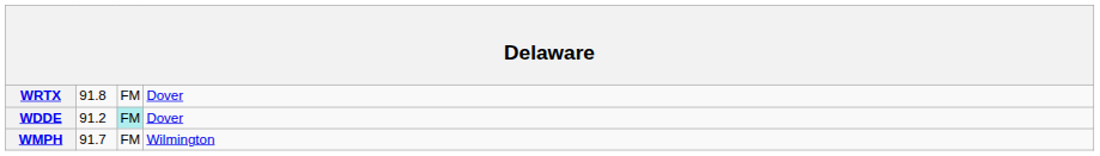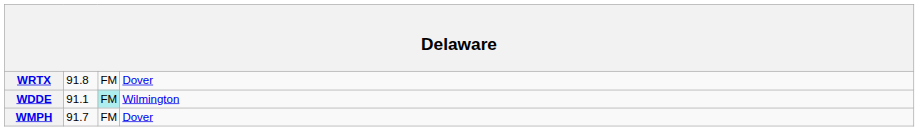 <table class="wikitable mw-collapsible" style="width:100%">
 <tr>
 <th scope="col" colspan="4"><br><h2>Delaware</h2></th>
 </tr>
 <tr>
 <th scope="row" style="width: 75px;"><a href='#'>WRTX</a></th>
 <td style="width: 40px;">91.8</td>
 <td style="width: 21px;">FM</td>
 <td><a href='#'>Dover</a></td>
 </tr>
 <tr>
 <th scope="row"><a href='#'>WDDE</a></th>
-<td>91.2</td>
+<td>91.1</td>
 <td style="background: paleturquoise;">FM</td>
-<td><a href='#'>Dover</a></td>
+<td><a href='#'>Wilmington</a></td>
 </tr>
 <tr>
 <th scope="row"><a href='#'>WMPH</a></th>
 <td>91.7</td>
 <td>FM</td>
-<td><a href='#'>Wilmington</a></td>
+<td><a href='#'>Dover</a></td>
 </tr>
 </table>
